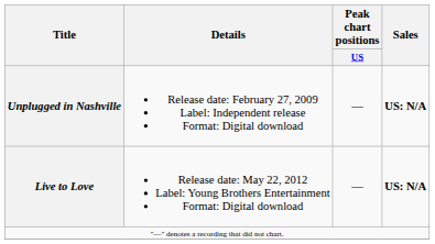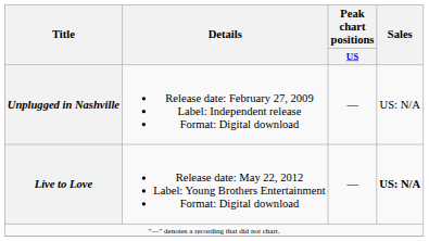 <table class="wikitable plainrowheaders" style="text-align:center;">
 <tr>
 <th rowspan="2">Title</th>
 <th rowspan="2">Details</th>
 <th colspan="1">Peak chart<br>positions</th>
 <th rowspan="2">Sales</th>
 </tr>
 <tr style="font-size:smaller;">
 <th style="width:4em;"><a href='#'>US</a></th>
 </tr>
 <tr>
 <th scope="row"><em>Unplugged in Nashville</em></th>
 <td><br><ul><li>Release date: February 27, 2009</li><li>Label: Independent release</li><li>Format: Digital download</li></ul></td>
 <td>—</td>
-<td><strong>US: N/A</strong></td>
+<td>US: N/A</td>
 </tr>
 <tr>
 <th scope="row"><em>Live to Love</em></th>
 <td><br><ul><li>Release date: May 22, 2012</li><li>Label: Young Brothers Entertainment</li><li>Format: Digital download</li></ul></td>
 <td>—</td>
 <td><strong>US: N/A</strong></td>
 </tr>
 <tr>
 <td colspan="8" style="font-size:8pt">"—" denotes a recording that did not chart.</td>
 </tr>
 <tr>
 </tr>
 </table>
